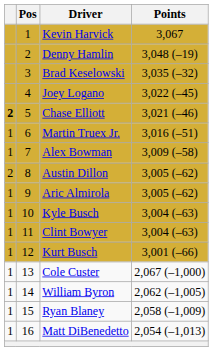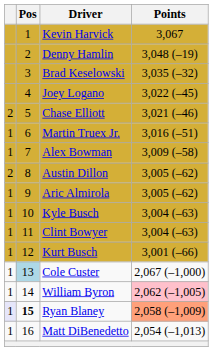 <table class="wikitable" style="font-size: 95%">
 <tr>
 <th></th>
 <th>Pos</th>
 <th>Driver</th>
 <th>Points</th>
 </tr>
 <tr style="background:#D4AF37;">
 <td align="left"></td>
 <td style="text-align:center;">1</td>
 <td><a href='#'>Kevin Harvick</a></td>
 <td style="text-align:center;">3,067</td>
 </tr>
 <tr style="background:#D4AF37;">
 <td align="left"></td>
 <td style="text-align:center;">2</td>
 <td><a href='#'>Denny Hamlin</a></td>
 <td style="text-align:center;">3,048 (–19)</td>
 </tr>
 <tr style="background:#D4AF37;">
 <td align="left"></td>
 <td style="text-align:center;">3</td>
 <td><a href='#'>Brad Keselowski</a></td>
 <td style="text-align:center;">3,035 (–32)</td>
 </tr>
 <tr style="background:#D4AF37;">
 <td align="left"></td>
 <td style="text-align:center;">4</td>
 <td><a href='#'>Joey Logano</a></td>
 <td style="text-align:center;">3,022 (–45)</td>
 </tr>
 <tr style="background:#D4AF37;">
-<td align="left"><strong> 2</strong></td>
+<td align="left"> 2</td>
 <td style="text-align:center;">5</td>
 <td><a href='#'>Chase Elliott</a></td>
 <td style="text-align:center;">3,021 (–46)</td>
 </tr>
 <tr style="background:#D4AF37;">
 <td align="left"> 1</td>
 <td style="text-align:center;">6</td>
 <td><a href='#'>Martin Truex Jr.</a></td>
 <td style="text-align:center;">3,016 (–51)</td>
 </tr>
 <tr style="background:#D4AF37;">
 <td align="left"> 1</td>
 <td style="text-align:center;">7</td>
 <td><a href='#'>Alex Bowman</a></td>
 <td style="text-align:center;">3,009 (–58)</td>
 </tr>
 <tr style="background:#D4AF37;">
 <td align="left"> 2</td>
 <td style="text-align:center;">8</td>
 <td><a href='#'>Austin Dillon</a></td>
 <td style="text-align:center;">3,005 (–62)</td>
 </tr>
 <tr style="background:#D4AF37;">
 <td align="left"> 1</td>
 <td style="text-align:center;">9</td>
 <td><a href='#'>Aric Almirola</a></td>
 <td style="text-align:center;">3,005 (–62)</td>
 </tr>
 <tr style="background:#D4AF37;">
 <td align="left"> 1</td>
 <td style="text-align:center;">10</td>
 <td><a href='#'>Kyle Busch</a></td>
 <td style="text-align:center;">3,004 (–63)</td>
 </tr>
 <tr style="background:#D4AF37;">
 <td align="left"> 1</td>
 <td style="text-align:center;">11</td>
 <td><a href='#'>Clint Bowyer</a></td>
 <td style="text-align:center;">3,004 (–63)</td>
 </tr>
 <tr style="background:#D4AF37;">
 <td align="left"> 1</td>
 <td style="text-align:center;">12</td>
 <td><a href='#'>Kurt Busch</a></td>
 <td style="text-align:center;">3,001 (–66)</td>
 </tr>
 <tr>
 <td align="left"> 1</td>
-<td style="text-align:center;">13</td>
+<td style="background: lightblue; text-align:center;">13</td>
 <td><a href='#'>Cole Custer</a></td>
 <td style="text-align:center;">2,067 (–1,000)</td>
 </tr>
 <tr>
 <td align="left"> 1</td>
 <td style="text-align:center;">14</td>
 <td><a href='#'>William Byron</a></td>
-<td style="text-align:center;">2,062 (–1,005)</td>
+<td style="background: pink; text-align:center;">2,062 (–1,005)</td>
 </tr>
 <tr>
-<td align="left"> 1</td>
-<td style="text-align:center;">15</td>
+<td align="left" style="background: lavender;"> 1</td>
+<td style="text-align:center;"><strong>15</strong></td>
 <td><a href='#'>Ryan Blaney</a></td>
-<td style="text-align:center;">2,058 (–1,009)</td>
+<td style="background: lightsalmon; text-align:center;">2,058 (–1,009)</td>
 </tr>
 <tr>
 <td align="left"> 1</td>
 <td style="text-align:center;">16</td>
 <td><a href='#'>Matt DiBenedetto</a></td>
 <td style="text-align:center;">2,054 (–1,013)</td>
 </tr>
 <tr class="sortbottom">
 <th colspan="9"></th>
 </tr>
 </table>
